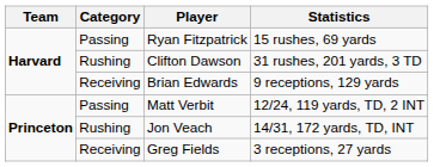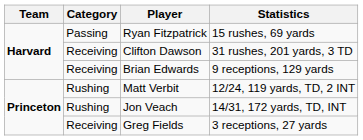 <table class="wikitable" style="float: left;">
 <tr>
 <th>Team</th>
 <th>Category</th>
 <th>Player</th>
 <th>Statistics</th>
 </tr>
 <tr>
 <td rowspan=3><strong>Harvard</strong></td>
 <td>Passing</td>
 <td>Ryan Fitzpatrick</td>
 <td>15 rushes, 69 yards</td>
 </tr>
 <tr>
-<td>Rushing</td>
+<td>Receiving</td>
 <td>Clifton Dawson</td>
 <td>31 rushes, 201 yards, 3 TD</td>
 </tr>
 <tr>
 <td>Receiving</td>
 <td>Brian Edwards</td>
 <td>9 receptions, 129 yards</td>
 </tr>
 <tr>
 <td rowspan=3><strong>Princeton</strong></td>
-<td>Passing</td>
+<td>Rushing</td>
 <td>Matt Verbit</td>
 <td>12/24, 119 yards, TD, 2 INT</td>
 </tr>
 <tr>
 <td>Rushing</td>
 <td>Jon Veach</td>
 <td>14/31, 172 yards, TD, INT</td>
 </tr>
 <tr>
 <td>Receiving</td>
 <td>Greg Fields</td>
 <td>3 receptions, 27 yards</td>
 </tr>
 </table>
